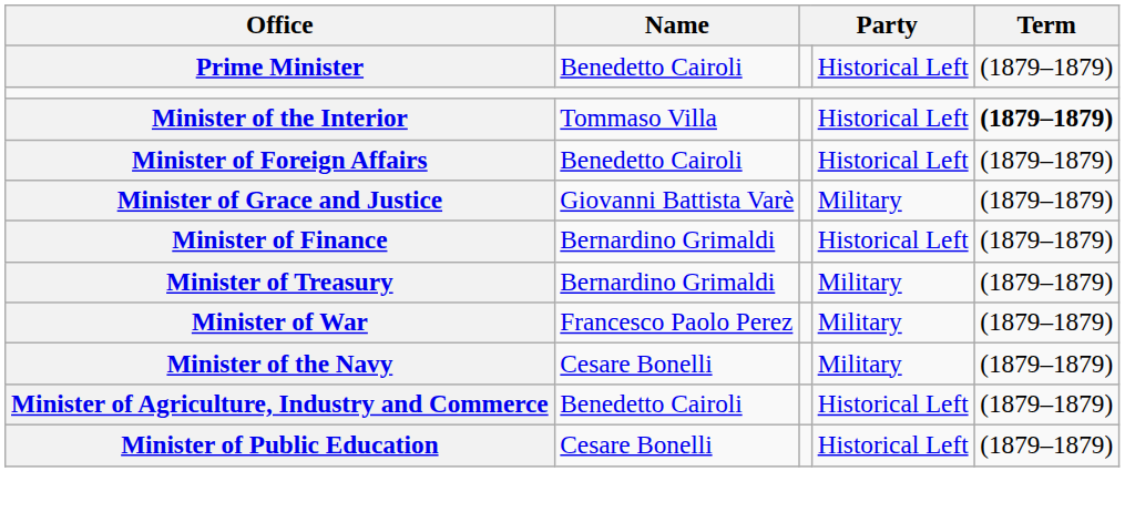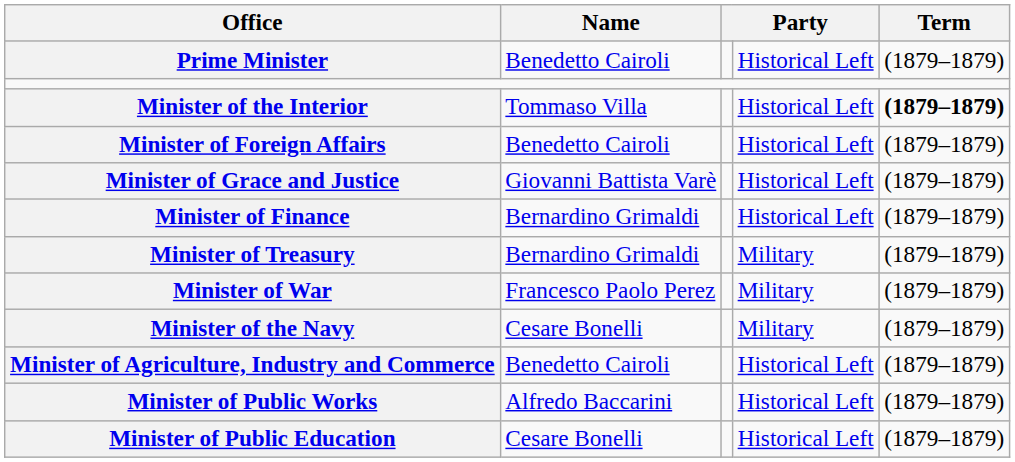 <table class="wikitable" style="font-size: 100%;">
 <tr>
 <th>Office</th>
 <th>Name</th>
 <th colspan=2>Party</th>
 <th>Term</th>
 </tr>
 <tr>
 <th><a href='#'>Prime Minister</a></th>
 <td><a href='#'>Benedetto Cairoli</a></td>
 <td style="color:inherit;background:"></td>
 <td><a href='#'>Historical Left</a></td>
 <td>(1879–1879)</td>
 </tr>
 <tr>
 <td colspan=5></td>
 </tr>
 <tr>
 <th><a href='#'>Minister of the Interior</a></th>
 <td><a href='#'>Tommaso Villa</a></td>
 <td style="color:inherit;background:"></td>
 <td><a href='#'>Historical Left</a></td>
 <td><strong>(1879–1879)</strong></td>
 </tr>
 <tr>
 <th><a href='#'>Minister of Foreign Affairs</a></th>
 <td><a href='#'>Benedetto Cairoli</a></td>
 <td style="color:inherit;background:"></td>
 <td><a href='#'>Historical Left</a></td>
 <td>(1879–1879)</td>
 </tr>
 <tr>
 <th><a href='#'>Minister of Grace and Justice</a></th>
 <td><a href='#'>Giovanni Battista Varè</a></td>
 <td style="color:inherit;background:"></td>
-<td><a href='#'>Military</a></td>
+<td><a href='#'>Historical Left</a></td>
 <td>(1879–1879)</td>
 </tr>
 <tr>
 <th><a href='#'>Minister of Finance</a></th>
 <td><a href='#'>Bernardino Grimaldi</a></td>
 <td style="color:inherit;background:"></td>
 <td><a href='#'>Historical Left</a></td>
 <td>(1879–1879)</td>
 </tr>
 <tr>
 <th><a href='#'>Minister of Treasury</a></th>
 <td><a href='#'>Bernardino Grimaldi</a></td>
 <td style="color:inherit;background:"></td>
 <td><a href='#'>Military</a></td>
 <td>(1879–1879)</td>
 </tr>
 <tr>
 <th><a href='#'>Minister of War</a></th>
 <td><a href='#'>Francesco Paolo Perez</a></td>
 <td style="color:inherit;background:"></td>
 <td><a href='#'>Military</a></td>
 <td>(1879–1879)</td>
 </tr>
 <tr>
 <th><a href='#'>Minister of the Navy</a></th>
 <td><a href='#'>Cesare Bonelli</a></td>
 <td style="color:inherit;background:"></td>
 <td><a href='#'>Military</a></td>
 <td>(1879–1879)</td>
 </tr>
 <tr>
 <th><a href='#'>Minister of Agriculture, Industry and Commerce</a></th>
 <td><a href='#'>Benedetto Cairoli</a></td>
 <td style="color:inherit;background:"></td>
 <td><a href='#'>Historical Left</a></td>
 <td>(1879–1879)</td>
 </tr>
 <tr>
+<th><a href='#'>Minister of Public Works</a></th>
+<td><a href='#'>Alfredo Baccarini</a></td>
+<td style="color:inherit;background:"></td>
+<td><a href='#'>Historical Left</a></td>
+<td>(1879–1879)</td>
+</tr>
+<tr>
 <th><a href='#'>Minister of Public Education</a></th>
 <td><a href='#'>Cesare Bonelli</a></td>
 <td style="color:inherit;background:"></td>
 <td><a href='#'>Historical Left</a></td>
 <td>(1879–1879)</td>
 </tr>
 </table>
